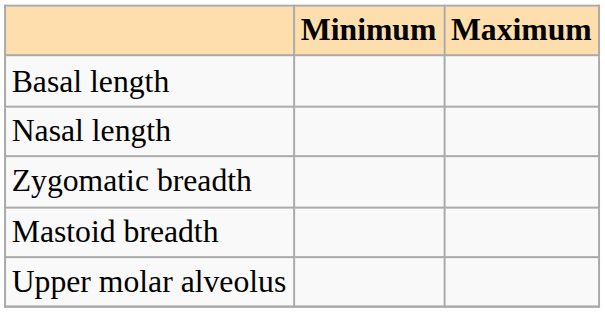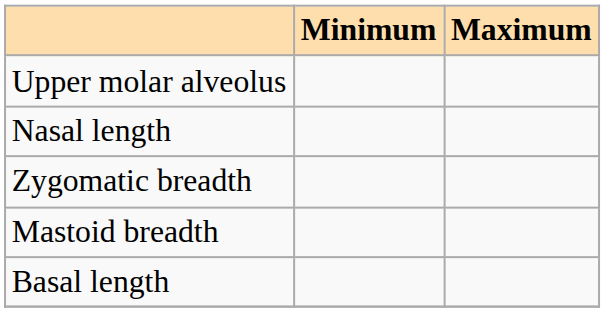 <table class="wikitable" style="align: center; float: right; margin-left: 0.5em">
 <tr --->
 <th style="background:#ffdead;"></th>
 <th style="background:#ffdead;">Minimum</th>
 <th style="background:#ffdead;">Maximum</th>
 </tr>
 <tr --->
-<td>Basal length</td>
+<td>Upper molar alveolus</td>
 <td></td>
 <td></td>
 </tr>
 <tr --->
 <td>Nasal length</td>
 <td></td>
 <td></td>
 </tr>
 <tr --->
 <td>Zygomatic breadth</td>
 <td></td>
 <td></td>
 </tr>
 <tr --->
 <td>Mastoid breadth</td>
 <td></td>
 <td></td>
 </tr>
 <tr --->
-<td>Upper molar alveolus</td>
+<td>Basal length</td>
 <td></td>
 <td></td>
 </tr>
 <tr --->
 </tr>
 </table>
